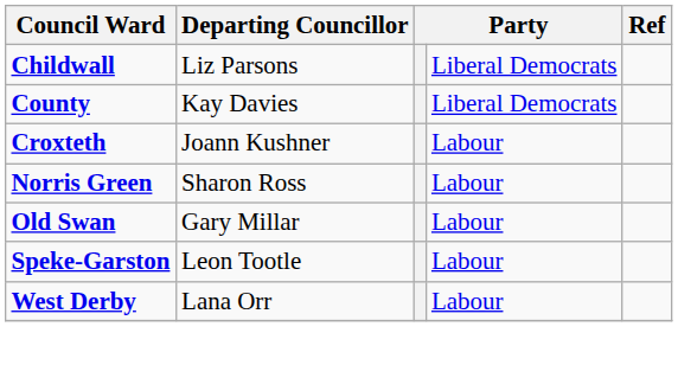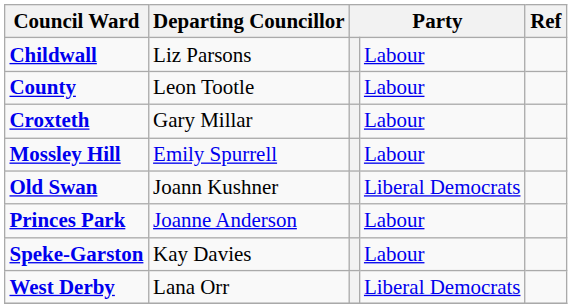 <table class="wikitable sortable">
 <tr>
 <th>Council Ward</th>
 <th>Departing Councillor</th>
 <th colspan="2">Party</th>
 <th>Ref</th>
 </tr>
 <tr>
 <td align="left"><strong><a href='#'>Childwall</a></strong></td>
 <td align="left">Liz Parsons</td>
 <th style="background-color: "></th>
-<td><a href='#'>Liberal Democrats</a></td>
+<td><a href='#'>Labour</a></td>
 <td align = center></td>
 </tr>
 <tr>
 <td align="left"><strong><a href='#'>County</a></strong></td>
-<td align="left">Kay Davies</td>
-<th style="background-color: "></th>
-<td><a href='#'>Liberal Democrats</a></td>
-<td align = center></td>
-</tr>
-<tr>
-<td align="left"><strong><a href='#'>Croxteth</a></strong></td>
-<td align="left">Joann Kushner</td>
+<td align="left">Leon Tootle</td>
 <th style="background-color: "></th>
 <td><a href='#'>Labour</a></td>
 <td align = center></td>
 </tr>
 <tr>
-<td align="left"><strong><a href='#'>Norris Green</a></strong></td>
-<td align="left">Sharon Ross</td>
+<td align="left"><strong><a href='#'>Croxteth</a></strong></td>
+<td align="left">Gary Millar</td>
+<th style="background-color: "></th>
+<td><a href='#'>Labour</a></td>
+<td align = center></td>
+</tr>
+<tr>
+<td align="left"><strong><a href='#'>Mossley Hill</a></strong></td>
+<td align="left"><a href='#'>Emily Spurrell</a></td>
 <th style="background-color: "></th>
 <td><a href='#'>Labour</a></td>
 <td align = center></td>
 </tr>
 <tr>
 <td align="left"><strong><a href='#'>Old Swan</a></strong></td>
-<td align="left">Gary Millar</td>
+<td align="left">Joann Kushner</td>
+<th style="background-color: "></th>
+<td><a href='#'>Liberal Democrats</a></td>
+<td align = center></td>
+</tr>
+<tr>
+<td align="left"><strong><a href='#'>Princes Park</a></strong></td>
+<td align="left"><a href='#'>Joanne Anderson</a></td>
 <th style="background-color: "></th>
 <td><a href='#'>Labour</a></td>
 <td align = center></td>
 </tr>
 <tr>
 <td align="left"><strong><a href='#'>Speke-Garston</a></strong></td>
-<td align="left">Leon Tootle</td>
+<td align="left">Kay Davies</td>
 <th style="background-color: "></th>
 <td><a href='#'>Labour</a></td>
 <td align = center></td>
 </tr>
 <tr>
 <td align="left"><strong><a href='#'>West Derby</a></strong></td>
 <td align="left">Lana Orr</td>
 <th style="background-color: "></th>
-<td><a href='#'>Labour</a></td>
+<td><a href='#'>Liberal Democrats</a></td>
 <td align = center></td>
 </tr>
 <tr>
 </tr>
 </table>
